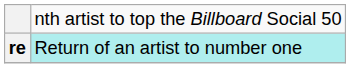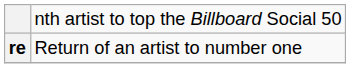 <table class="wikitable plainrowheaders">
 <tr>
 <th scope="col"></th>
 <td>nth artist to top the <em>Billboard</em> Social 50</td>
 </tr>
 <tr>
 <th scope="row" style="text-align:center;">re</th>
-<td style="background: paleturquoise;">Return of an artist to number one</td>
+<td>Return of an artist to number one</td>
 </tr>
 <tr>
 </tr>
 </table>
